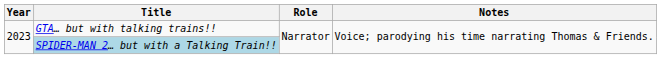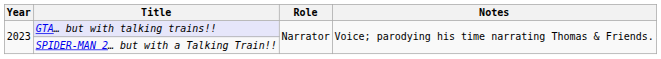 <table class="wikitable sortable">
 <tr>
 <th>Year</th>
 <th>Title</th>
 <th>Role</th>
 <th class="unsortable">Notes</th>
 </tr>
 <tr>
 <td rowspan="2">2023</td>
-<td><em><a href='#'>GTA</a>… but with talking trains!!</em></td>
+<td style="background: lavender;"><em><a href='#'>GTA</a>… but with talking trains!!</em></td>
 <td rowspan="2">Narrator</td>
 <td rowspan="2">Voice; parodying his time narrating Thomas & Friends.</td>
 </tr>
 <tr>
-<td style="background: lightblue;"><em><a href='#'>SPIDER-MAN 2</a>… but with a Talking Train!!</em></td>
+<td><em><a href='#'>SPIDER-MAN 2</a>… but with a Talking Train!!</em></td>
 </tr>
 </table>
